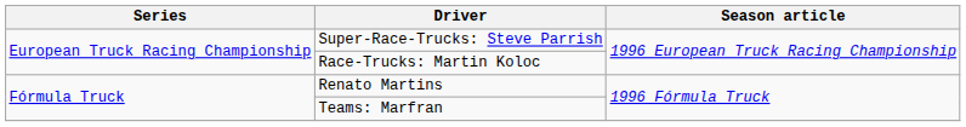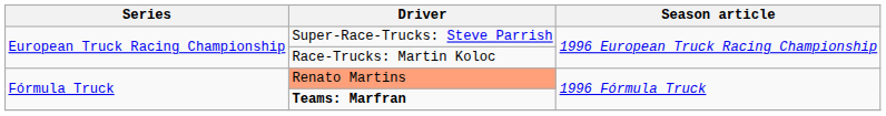 <table class="wikitable" style="font-size: 87%;">
 <tr>
 <th>Series</th>
 <th>Driver</th>
 <th>Season article</th>
 </tr>
 <tr>
 <td rowspan=2><a href='#'>European Truck Racing Championship</a></td>
 <td>Super-Race-Trucks:  <a href='#'>Steve Parrish</a></td>
 <td rowspan=2><em><a href='#'>1996 European Truck Racing Championship</a></em></td>
 </tr>
 <tr>
 <td>Race-Trucks:  Martin Koloc</td>
 </tr>
 <tr>
 <td rowspan=2><a href='#'>Fórmula Truck</a></td>
-<td> Renato Martins</td>
+<td style="background: lightsalmon;"> Renato Martins</td>
 <td rowspan=2><em><a href='#'>1996 Fórmula Truck</a></em></td>
 </tr>
 <tr>
-<td>Teams:  Marfran</td>
+<td><strong>Teams:  Marfran</strong></td>
 </tr>
 <tr>
 </tr>
 </table>
